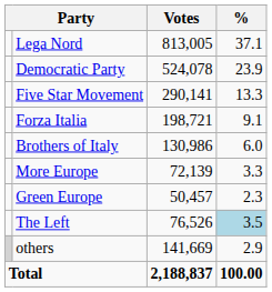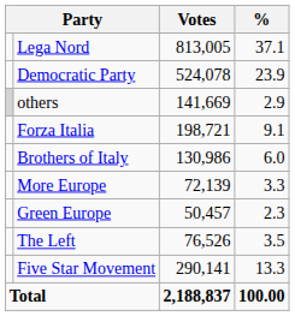 <table class="wikitable" style="font-size:95%">
 <tr>
 <th colspan=2>Party</th>
 <th>Votes</th>
 <th>%</th>
 </tr>
 <tr>
 <td></td>
 <td><a href='#'>Lega Nord</a></td>
 <td align=right>813,005</td>
 <td align=right>37.1</td>
 </tr>
 <tr>
 <td></td>
 <td><a href='#'>Democratic Party</a></td>
 <td align=right>524,078</td>
 <td align=right>23.9</td>
 </tr>
 <tr>
-<td></td>
-<td><a href='#'>Five Star Movement</a></td>
-<td align=right>290,141</td>
-<td align=right>13.3</td>
+<td style="background-color: lightgrey"></td>
+<td>others</td>
+<td align=right>141,669</td>
+<td align=right>2.9</td>
 </tr>
 <tr>
 <td></td>
 <td><a href='#'>Forza Italia</a></td>
 <td align=right>198,721</td>
 <td align=right>9.1</td>
 </tr>
 <tr>
 <td></td>
 <td><a href='#'>Brothers of Italy</a></td>
 <td align=right>130,986</td>
 <td align=right>6.0</td>
 </tr>
 <tr>
 <td></td>
 <td><a href='#'>More Europe</a></td>
 <td align=right>72,139</td>
 <td align=right>3.3</td>
 </tr>
 <tr>
 <td></td>
 <td><a href='#'>Green Europe</a></td>
 <td align=right>50,457</td>
 <td align=right>2.3</td>
 </tr>
 <tr>
 <td></td>
 <td><a href='#'>The Left</a></td>
 <td align=right>76,526</td>
-<td align=right style="background: lightblue;">3.5</td>
+<td align=right>3.5</td>
 </tr>
 <tr>
-<td style="background-color: lightgrey"></td>
-<td>others</td>
-<td align=right>141,669</td>
-<td align=right>2.9</td>
+<td></td>
+<td><a href='#'>Five Star Movement</a></td>
+<td align=right>290,141</td>
+<td align=right>13.3</td>
 </tr>
 <tr>
 <td colspan=2><strong>Total</strong></td>
 <td align=right><strong>2,188,837</strong></td>
 <td align=right><strong>100.00</strong></td>
 </tr>
 </table>
